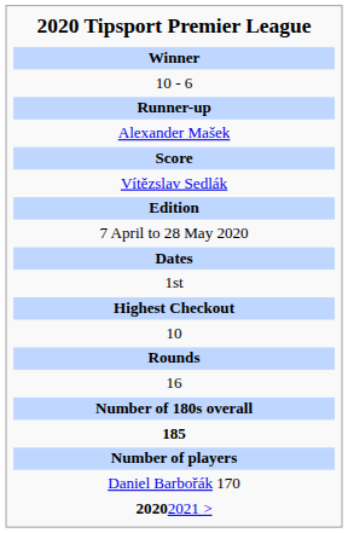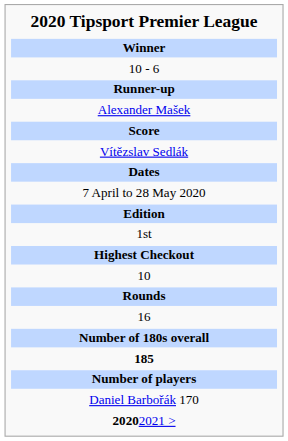 <table class="infobox darts" style="width: 16em; text-align: center;">
 <tr>
 <th style="font-size: 16px;">2020 Tipsport Premier League</th>
 </tr>
 <tr>
 <td></td>
 </tr>
 <tr>
 <td style="font-size: 12px; background: #BFD7FF;"><strong>Winner</strong></td>
 </tr>
 <tr>
 <td style="font-size: 12px;">10 - 6</td>
 </tr>
 <tr>
 <td style="font-size: 12px; background: #BFD7FF;"><strong>Runner-up</strong></td>
 </tr>
 <tr>
 <td style="font-size: 12px;"><a href='#'>Alexander Mašek</a></td>
 </tr>
 <tr>
 <td style="font-size: 12px; background: #BFD7FF;"><strong>Score</strong></td>
 </tr>
 <tr>
 <td style="font-size: 12px;"><a href='#'>Vítězslav Sedlák</a></td>
 </tr>
 <tr>
-<td style="font-size: 12px; background: #BFD7FF;"><strong>Edition</strong></td>
+<td style="font-size: 12px; background: #BFD7FF;"><strong>Dates</strong></td>
 </tr>
 <tr>
 <td style="font-size: 12px;">7 April to 28 May 2020</td>
 </tr>
 <tr>
-<td style="font-size: 12px; background: #BFD7FF;"><strong>Dates</strong></td>
+<td style="font-size: 12px; background: #BFD7FF;"><strong>Edition</strong></td>
 </tr>
 <tr>
 <td style="font-size: 12px;">1st</td>
 </tr>
 <tr>
 <td style="font-size: 12px; background: #BFD7FF;"><strong>Highest Checkout</strong></td>
 </tr>
 <tr>
 <td style="font-size: 12px;">10</td>
 </tr>
 <tr>
 <td style="font-size: 12px; background: #BFD7FF;"><strong>Rounds</strong></td>
 </tr>
 <tr>
 <td style="font-size: 12px;">16</td>
 </tr>
 <tr>
 <td style="font-size: 12px; background: #BFD7FF;"><strong>Number of 180s overall</strong></td>
 </tr>
 <tr>
 <td style="font-size: 12px;"><strong>185</strong></td>
 </tr>
 <tr>
 <td style="font-size: 12px; background: #BFD7FF;"><strong>Number of players</strong></td>
 </tr>
 <tr>
 <td style="font-size: 12px;"> <a href='#'>Daniel Barbořák</a> 170</td>
 </tr>
 <tr>
 <td style="font-size: 12px;"><strong>2020</strong><a href='#'>2021 ></a></td>
 </tr>
 </table>
